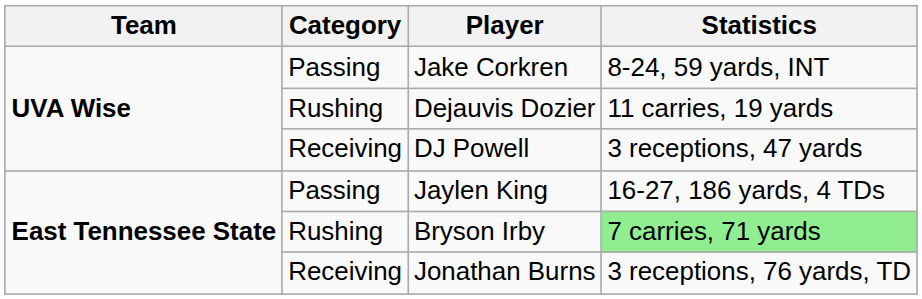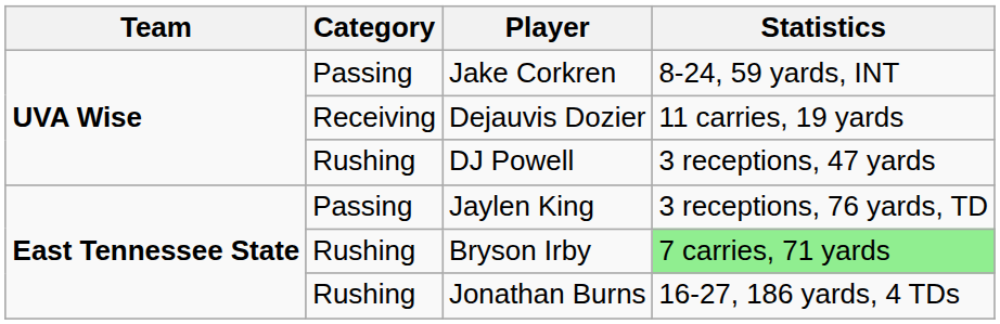 <table class="wikitable" style="float: right;">
 <tr>
 <th>Team</th>
 <th>Category</th>
 <th>Player</th>
 <th>Statistics</th>
 </tr>
 <tr>
 <td rowspan=3><strong>UVA Wise</strong></td>
 <td>Passing</td>
 <td>Jake Corkren</td>
 <td>8-24, 59 yards, INT</td>
 </tr>
 <tr>
-<td>Rushing</td>
+<td>Receiving</td>
 <td>Dejauvis Dozier</td>
 <td>11 carries, 19 yards</td>
 </tr>
 <tr>
-<td>Receiving</td>
+<td>Rushing</td>
 <td>DJ Powell</td>
 <td>3 receptions, 47 yards</td>
 </tr>
 <tr>
 <td rowspan=3><strong>East Tennessee State</strong></td>
 <td>Passing</td>
 <td>Jaylen King</td>
-<td>16-27, 186 yards, 4 TDs</td>
+<td>3 receptions, 76 yards, TD</td>
 </tr>
 <tr>
 <td>Rushing</td>
 <td>Bryson Irby</td>
 <td style="background: lightgreen;">7 carries, 71 yards</td>
 </tr>
 <tr>
-<td>Receiving</td>
+<td>Rushing</td>
 <td>Jonathan Burns</td>
-<td>3 receptions, 76 yards, TD</td>
+<td>16-27, 186 yards, 4 TDs</td>
 </tr>
 </table>
